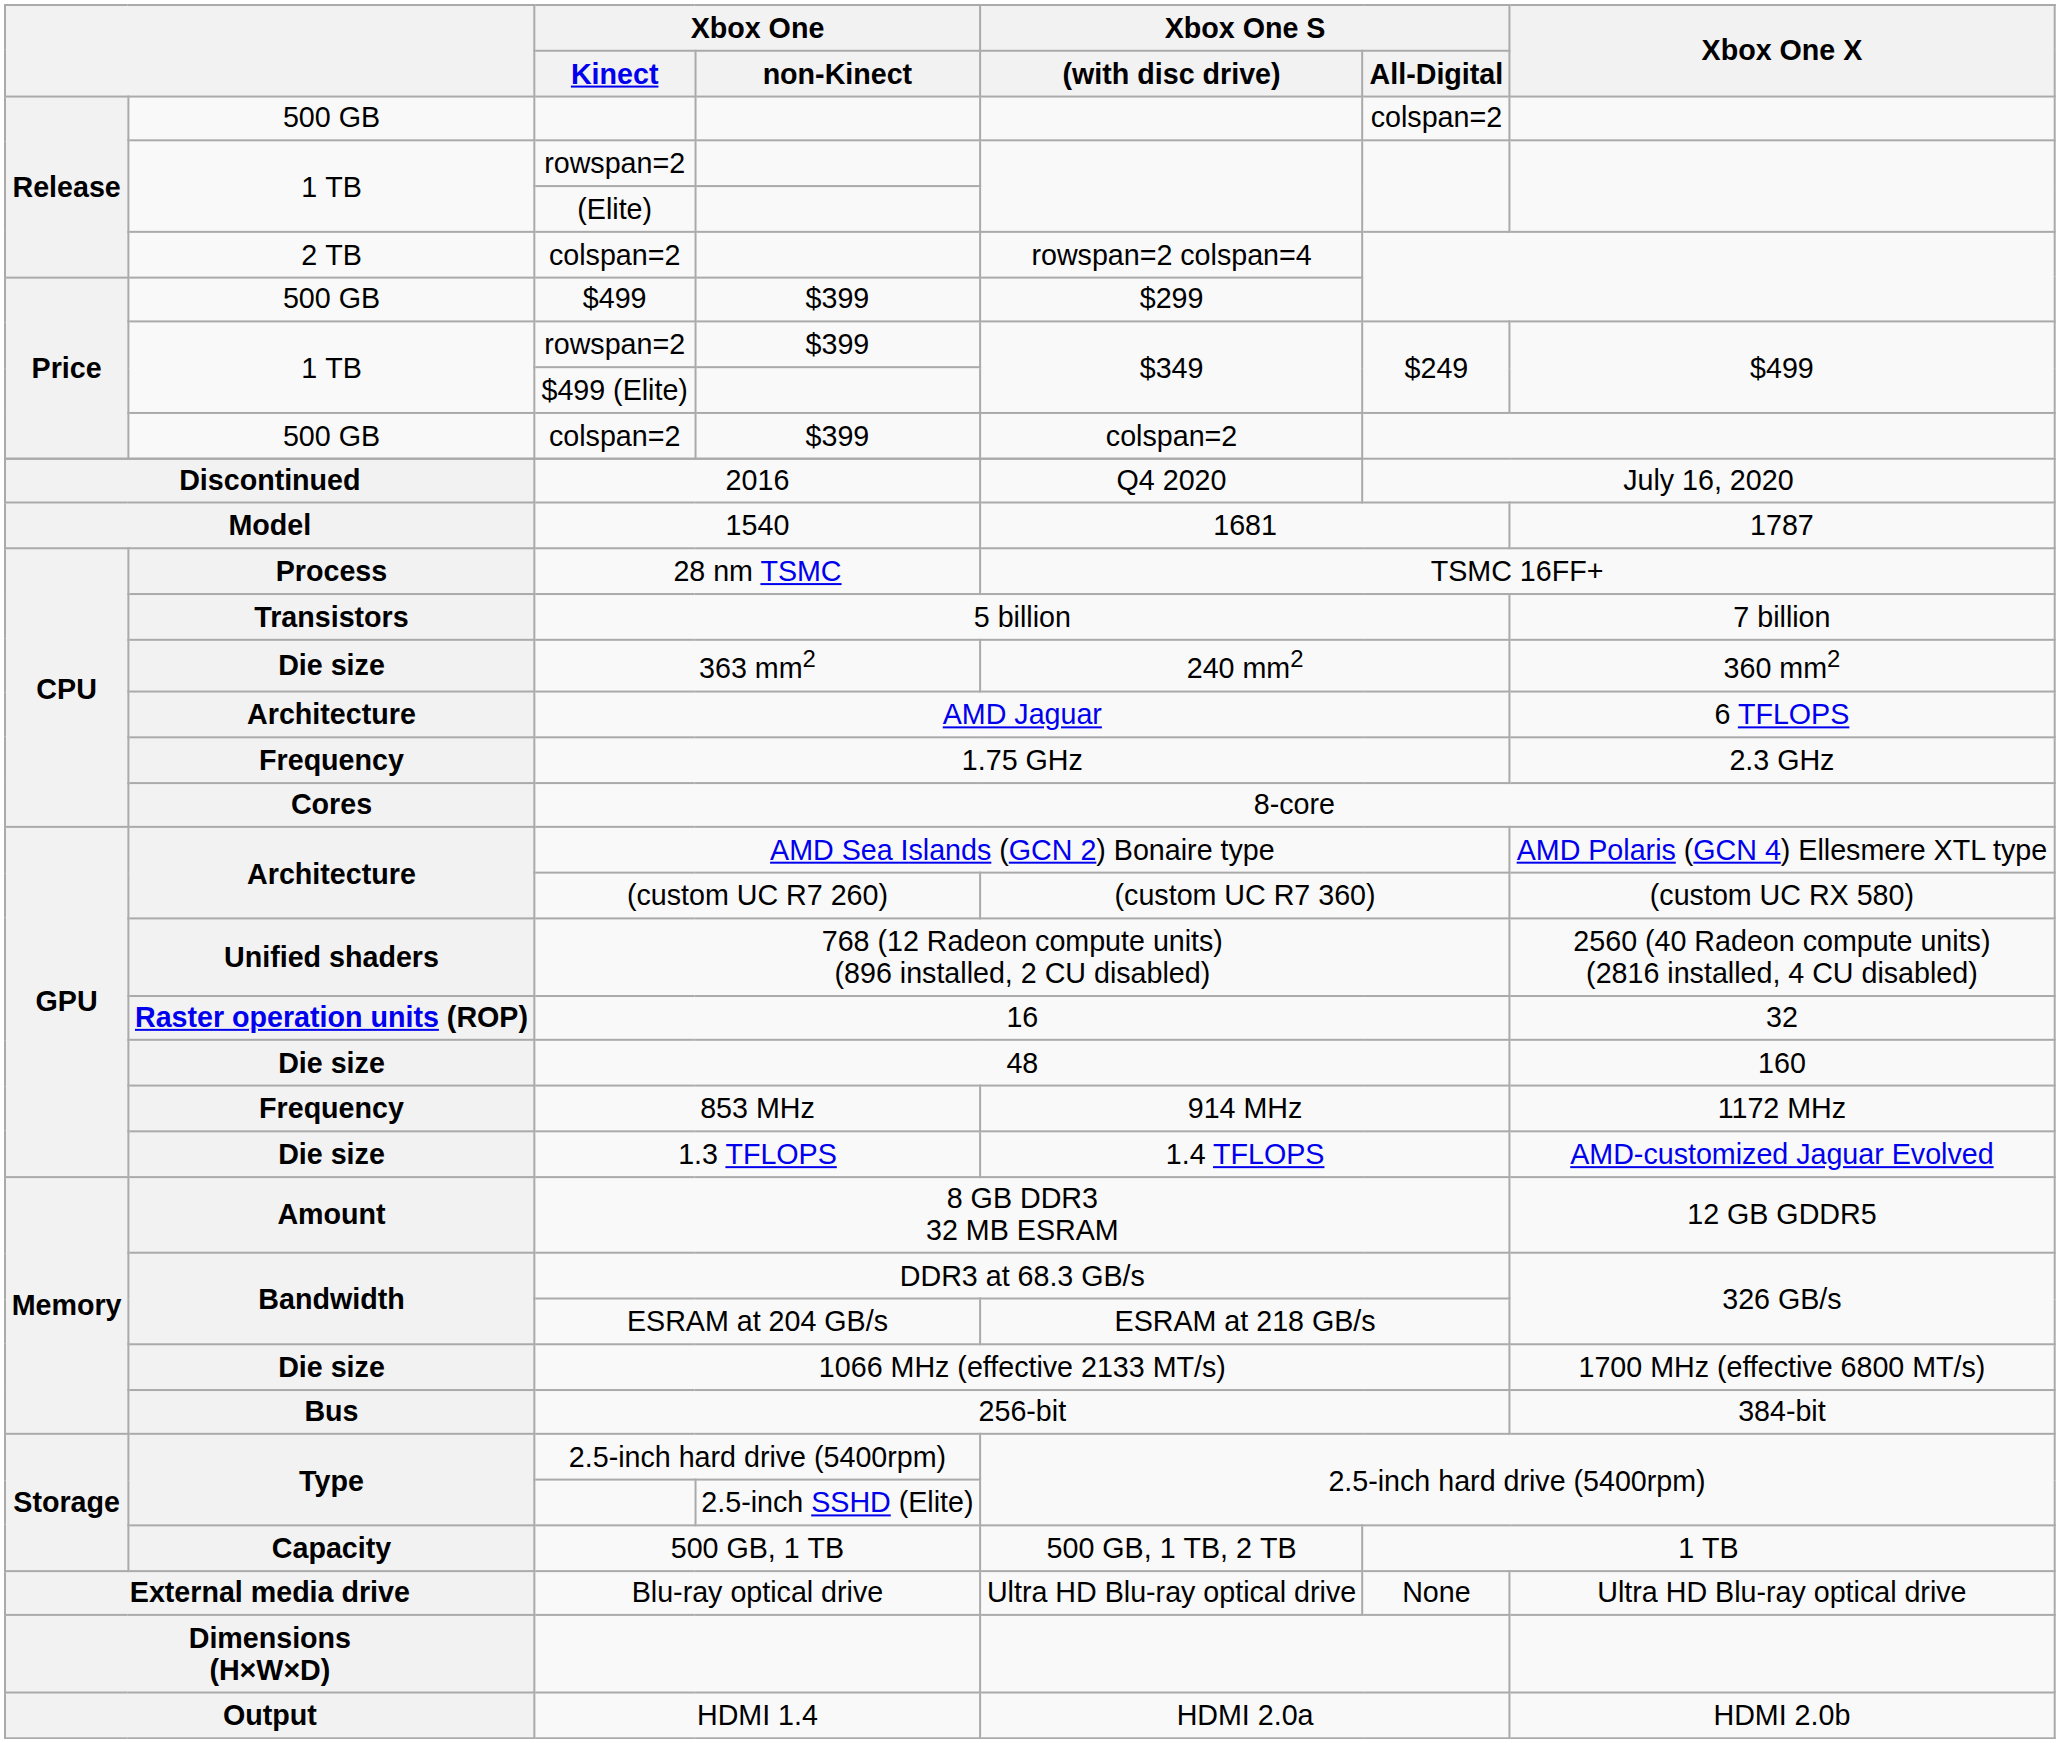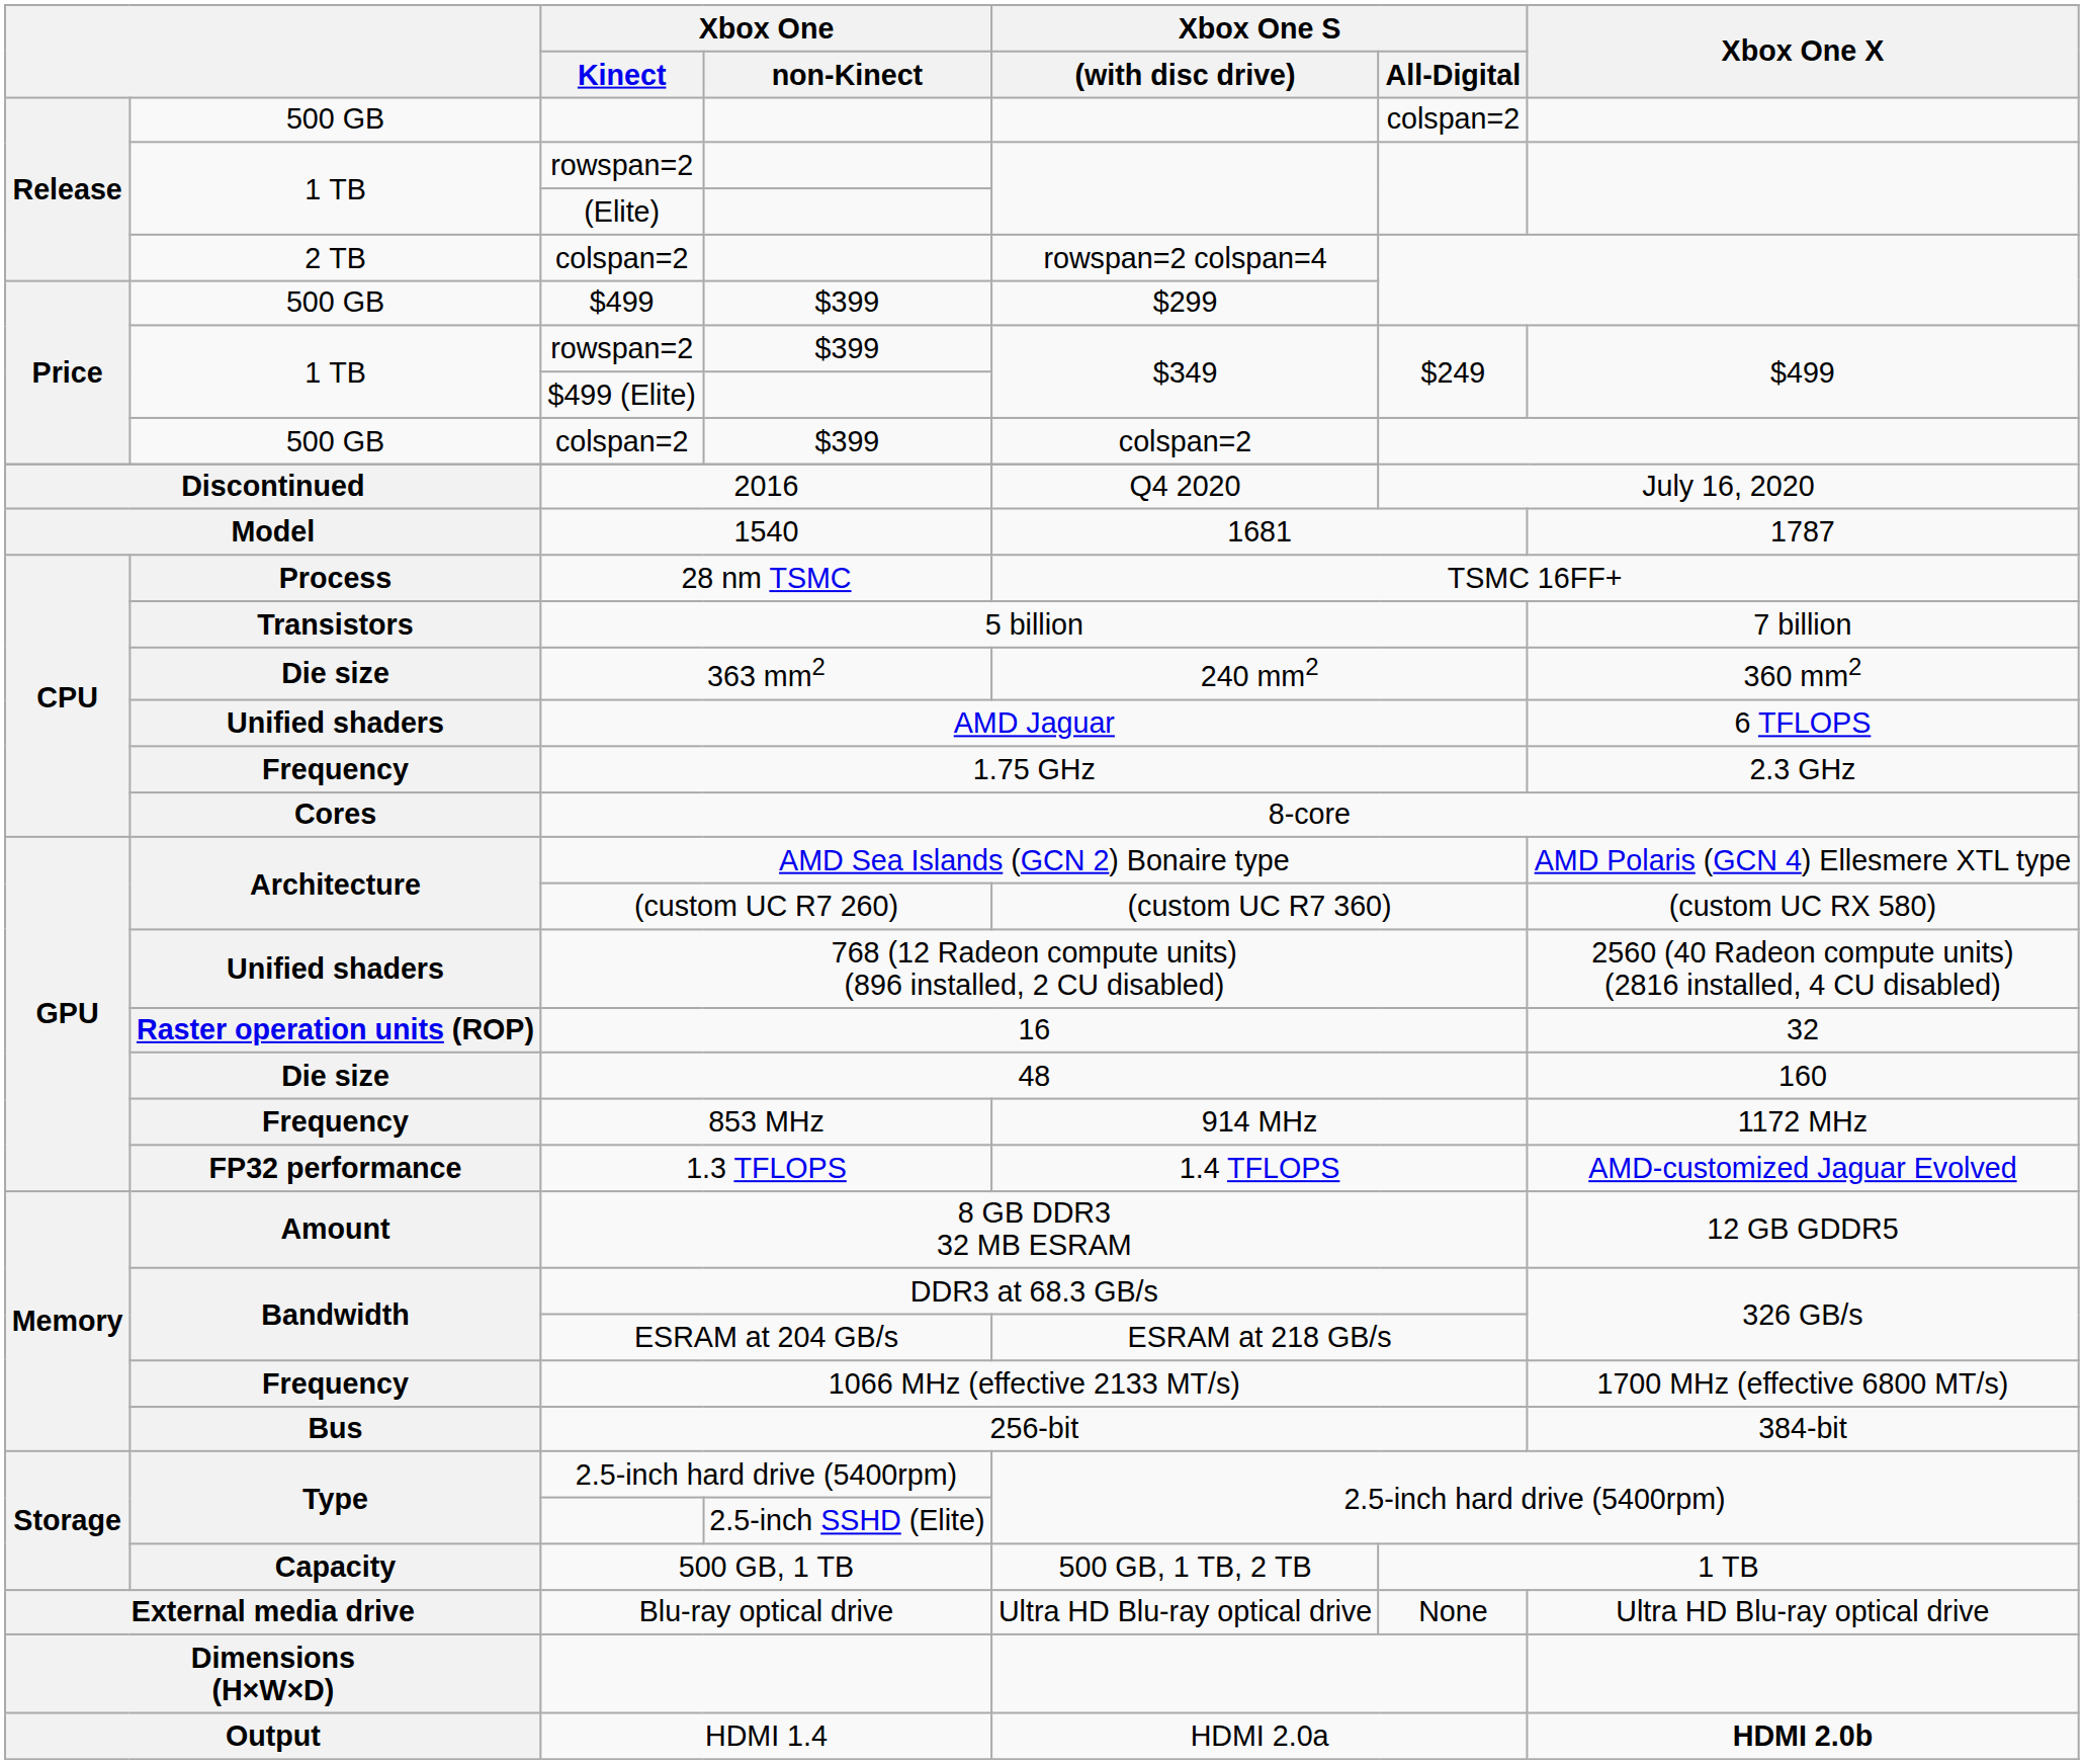 <table class="wikitable" style="text-align: center;font-size:90%;">
 <tr>
 <th colspan=2 rowspan=2></th>
 <th colspan=2>Xbox One</th>
 <th colspan=2>Xbox One S</th>
 <th rowspan=2>Xbox One X</th>
 </tr>
 <tr>
 <th><a href='#'>Kinect</a></th>
 <th>non-Kinect</th>
 <th>(with disc drive)</th>
 <th>All-Digital</th>
 </tr>
 <tr>
 <th rowspan=4>Release</th>
 <td>500 GB</td>
 <td></td>
 <td></td>
 <td></td>
 <td>colspan=2 </td>
 </tr>
 <tr>
 <td rowspan=2>1 TB</td>
 <td>rowspan=2 </td>
 <td></td>
 <td rowspan=2></td>
 <td rowspan=2></td>
 <td rowspan=2></td>
 </tr>
 <tr>
 <td> (Elite)</td>
 </tr>
 <tr>
 <td>2 TB</td>
 <td>colspan=2 </td>
 <td></td>
 <td>rowspan=2 colspan=4 </td>
 </tr>
 <tr>
 <th rowspan=4>Price</th>
 <td>500 GB</td>
 <td>$499</td>
 <td>$399</td>
 <td>$299</td>
 </tr>
 <tr>
 <td rowspan=2>1 TB</td>
 <td>rowspan=2 </td>
 <td>$399</td>
 <td rowspan=2>$349</td>
 <td rowspan=2>$249</td>
 <td rowspan=2>$499</td>
 </tr>
 <tr>
 <td>$499 (Elite)</td>
 </tr>
 <tr>
 <td>500 GB</td>
 <td>colspan=2 </td>
 <td>$399</td>
 <td>colspan=2 </td>
 </tr>
 <tr>
 </tr>
 <tr>
 <th colspan=2>Discontinued</th>
 <td colspan=2>2016</td>
 <td>Q4 2020 </td>
 <td colspan=2>July 16, 2020</td>
 </tr>
 <tr>
 <th colspan=2>Model</th>
 <td colspan=2>1540</td>
 <td colspan=2>1681</td>
 <td>1787</td>
 </tr>
 <tr>
 <th rowspan=6>CPU</th>
 <th>Process</th>
 <td colspan=2>28 nm <a href='#'>TSMC</a></td>
 <td colspan="3">TSMC 16FF+</td>
 </tr>
 <tr>
 <th>Transistors</th>
 <td colspan="4">5 billion</td>
 <td>7 billion</td>
 </tr>
 <tr>
 <th>Die size</th>
 <td colspan=2>363 mm<sup>2</sup></td>
 <td colspan=2>240 mm<sup>2</sup></td>
 <td>360 mm<sup>2</sup></td>
 </tr>
 <tr>
-<th>Architecture</th>
+<th>Unified shaders</th>
 <td colspan="4"><a href='#'>AMD Jaguar</a></td>
 <td>6 <a href='#'>TFLOPS</a></td>
 </tr>
 <tr>
 <th>Frequency</th>
 <td colspan="4">1.75 GHz</td>
 <td>2.3 GHz</td>
 </tr>
 <tr>
 <th>Cores</th>
 <td colspan="5">8-core</td>
 </tr>
 <tr>
 <th rowspan=7>GPU</th>
 <th rowspan=2>Architecture</th>
 <td colspan="4"><a href='#'>AMD Sea Islands</a> (<a href='#'>GCN 2</a>) Bonaire type</td>
 <td><a href='#'>AMD Polaris</a> (<a href='#'>GCN 4</a>) Ellesmere XTL type</td>
 </tr>
 <tr>
 <td colspan=2>(custom UC R7 260)</td>
 <td colspan=2>(custom UC R7 360)</td>
 <td>(custom UC RX 580)</td>
 </tr>
 <tr>
 <th>Unified shaders</th>
 <td colspan="4">768 (12 Radeon compute units)<br>(896 installed, 2 CU disabled)</td>
 <td>2560 (40 Radeon compute units)<br>(2816 installed, 4 CU disabled)</td>
 </tr>
 <tr>
 <th><a href='#'>Raster operation units</a> (ROP)</th>
 <td colspan="4">16</td>
 <td>32</td>
 </tr>
 <tr>
 <th>Die size</th>
 <td colspan="4">48</td>
 <td>160</td>
 </tr>
 <tr>
 <th>Frequency</th>
 <td colspan=2>853 MHz</td>
 <td colspan=2>914 MHz</td>
 <td>1172 MHz</td>
 </tr>
 <tr>
-<th>Die size</th>
+<th>FP32 performance</th>
 <td colspan=2>1.3 <a href='#'>TFLOPS</a></td>
 <td colspan=2>1.4 <a href='#'>TFLOPS</a></td>
 <td><a href='#'>AMD-customized Jaguar Evolved</a></td>
 </tr>
 <tr>
 <th rowspan=5>Memory</th>
 <th>Amount</th>
 <td colspan="4">8 GB DDR3<br>32 MB ESRAM</td>
 <td>12 GB GDDR5</td>
 </tr>
 <tr>
 <th rowspan="2">Bandwidth</th>
 <td colspan="4">DDR3 at 68.3 GB/s</td>
 <td rowspan="2">326 GB/s</td>
 </tr>
 <tr>
 <td colspan=2>ESRAM at 204 GB/s</td>
 <td colspan=2>ESRAM at 218 GB/s</td>
 </tr>
 <tr>
-<th>Die size</th>
+<th>Frequency</th>
 <td colspan="4">1066 MHz (effective 2133 MT/s)</td>
 <td>1700 MHz (effective 6800 MT/s)</td>
 </tr>
 <tr>
 <th>Bus</th>
 <td colspan="4">256-bit</td>
 <td>384-bit</td>
 </tr>
 <tr>
 <th rowspan=3>Storage</th>
 <th rowspan=2>Type</th>
 <td colspan=2>2.5-inch hard drive (5400rpm)</td>
 <td colspan="3" rowspan=2>2.5-inch hard drive (5400rpm)</td>
 </tr>
 <tr>
 <td></td>
 <td>2.5-inch <a href='#'>SSHD</a> (Elite)</td>
 </tr>
 <tr>
 <th>Capacity</th>
 <td colspan=2>500 GB, 1 TB</td>
 <td>500 GB, 1 TB, 2 TB</td>
 <td colspan=2>1 TB</td>
 </tr>
 <tr>
 <th colspan=2>External media drive</th>
 <td colspan=2>Blu-ray optical drive</td>
 <td>Ultra HD Blu-ray optical drive</td>
 <td>None</td>
 <td>Ultra HD Blu-ray optical drive</td>
 </tr>
 <tr>
 <th colspan=2>Dimensions<br>(H×W×D)</th>
 <td colspan=2></td>
 <td colspan=2></td>
 <td></td>
 </tr>
 <tr>
 <th colspan=2>Output</th>
 <td colspan=2>HDMI 1.4</td>
 <td colspan=2>HDMI 2.0a</td>
-<td>HDMI 2.0b</td>
+<td><strong>HDMI 2.0b</strong></td>
 </tr>
 </table>
